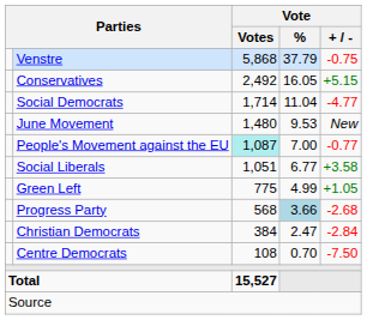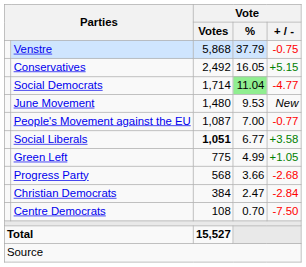 <table class="wikitable" style="text-align:right;">
 <tr>
 <th style="text-align:centre;" rowspan="2" colspan="2" width="225">Parties</th>
 <th colspan="3">Vote</th>
 </tr>
 <tr>
 <th width="15">Votes</th>
 <th width="15">%</th>
 <th width="15">+ / -</th>
 </tr>
 <tr>
 <td width="2" style="color:inherit;background:"></td>
 <td bgcolor=#cfe5fe   align="left"><a href='#'>Venstre</a></td>
 <td bgcolor=#cfe5fe>5,868</td>
 <td bgcolor=#cfe5fe>37.79</td>
 <td style=color:red;>-0.75</td>
 </tr>
 <tr>
 <td width="2" style="color:inherit;background:"></td>
 <td align="left"><a href='#'>Conservatives</a></td>
 <td>2,492</td>
 <td>16.05</td>
 <td style=color:green;>+5.15</td>
 </tr>
 <tr>
 <td width="2" style="color:inherit;background:"></td>
 <td align="left"><a href='#'>Social Democrats</a></td>
 <td>1,714</td>
-<td>11.04</td>
+<td style="background: lightgreen;">11.04</td>
 <td style=color:red;>-4.77</td>
 </tr>
 <tr>
 <td width="2" style="color:inherit;background:"></td>
 <td align="left"><a href='#'>June Movement</a></td>
 <td>1,480</td>
 <td>9.53</td>
 <td><em>New</em></td>
 </tr>
 <tr>
 <td width="2" style="color:inherit;background:"></td>
 <td align="left"><a href='#'>People's Movement against the EU</a></td>
-<td style="background: paleturquoise;">1,087</td>
+<td>1,087</td>
 <td>7.00</td>
 <td style=color:red;>-0.77</td>
 </tr>
 <tr>
 <td width="2" style="color:inherit;background:"></td>
 <td align="left"><a href='#'>Social Liberals</a></td>
-<td>1,051</td>
+<td><strong>1,051</strong></td>
 <td>6.77</td>
 <td style=color:green;>+3.58</td>
 </tr>
 <tr>
 <td width="2" style="color:inherit;background:"></td>
 <td align="left"><a href='#'>Green Left</a></td>
 <td>775</td>
 <td>4.99</td>
 <td style=color:green;>+1.05</td>
 </tr>
 <tr>
 <td width="2" style="color:inherit;background:"></td>
 <td align="left"><a href='#'>Progress Party</a></td>
 <td>568</td>
-<td style="background: lightblue;">3.66</td>
+<td>3.66</td>
 <td style=color:red;>-2.68</td>
 </tr>
 <tr>
 <td width="2" style="color:inherit;background:"></td>
 <td align="left"><a href='#'>Christian Democrats</a></td>
 <td>384</td>
 <td>2.47</td>
 <td style=color:red;>-2.84</td>
 </tr>
 <tr>
 <td width="2" style="color:inherit;background:"></td>
 <td align="left"><a href='#'>Centre Democrats</a></td>
 <td>108</td>
 <td>0.70</td>
 <td style=color:red;>-7.50</td>
 </tr>
 <tr>
 <td colspan="7" bgcolor="#E9E9E9"></td>
 </tr>
 <tr>
 <td align="left" colspan="2"><strong>Total</strong></td>
 <td><strong>15,527</strong></td>
 <td bgcolor="#E9E9E9" colspan="2"></td>
 </tr>
 <tr>
 <td align="left" colspan="6">Source</td>
 </tr>
 </table>
